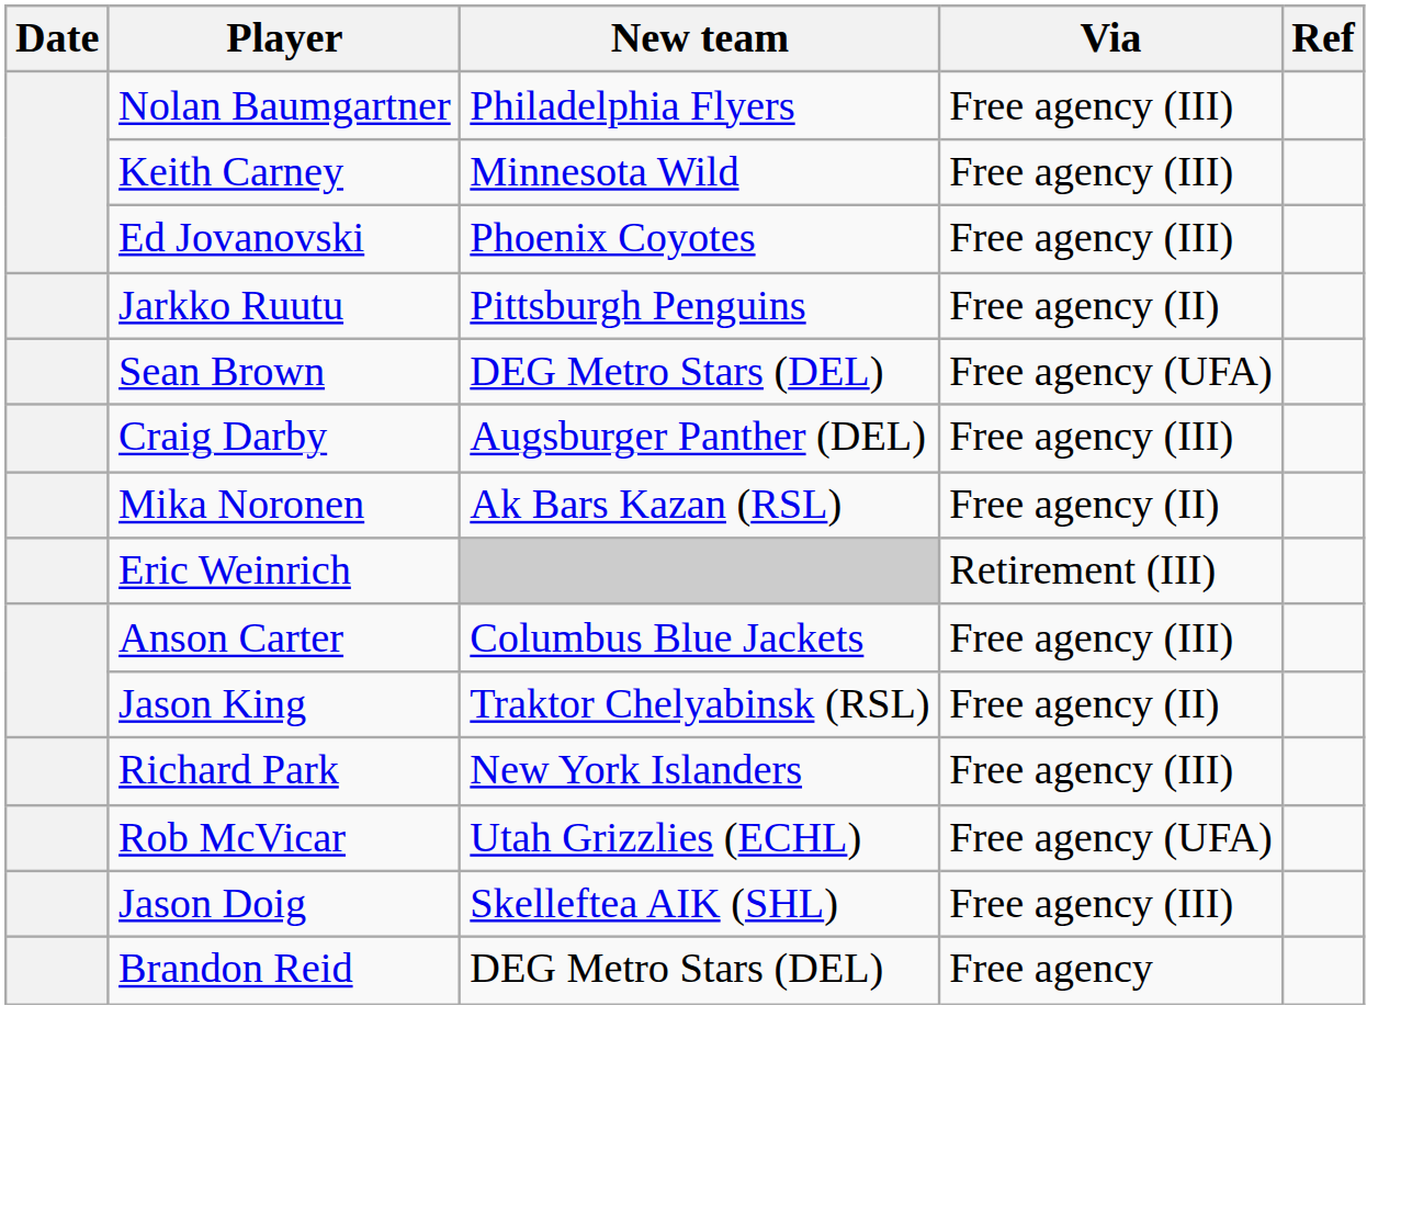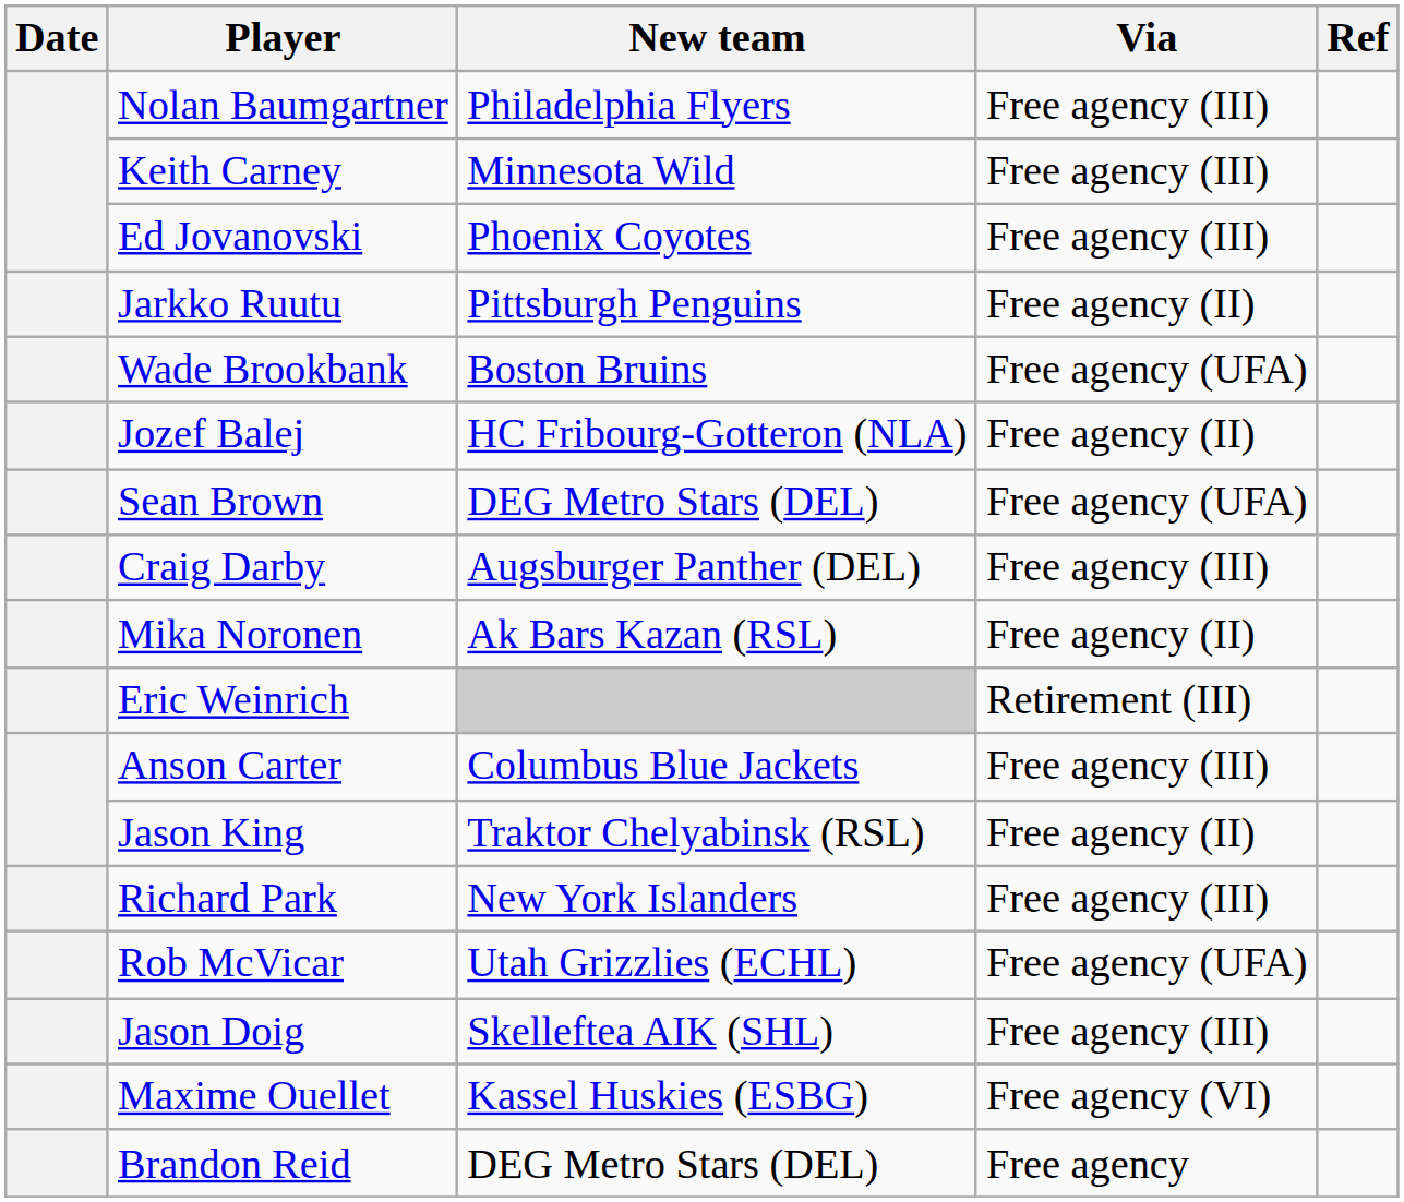 <table class="wikitable plainrowheaders">
 <tr style="background:#ddd; text-align:center;">
 <th>Date</th>
 <th>Player</th>
 <th>New team</th>
 <th>Via</th>
 <th>Ref</th>
 </tr>
 <tr>
 <th scope="row" rowspan=3></th>
 <td><a href='#'>Nolan Baumgartner</a></td>
 <td><a href='#'>Philadelphia Flyers</a></td>
 <td>Free agency (III)</td>
 <td></td>
 </tr>
 <tr>
 <td><a href='#'>Keith Carney</a></td>
 <td><a href='#'>Minnesota Wild</a></td>
 <td>Free agency (III)</td>
 <td></td>
 </tr>
 <tr>
 <td><a href='#'>Ed Jovanovski</a></td>
 <td><a href='#'>Phoenix Coyotes</a></td>
 <td>Free agency (III)</td>
 <td></td>
 </tr>
 <tr>
 <th scope="row"></th>
 <td><a href='#'>Jarkko Ruutu</a></td>
 <td><a href='#'>Pittsburgh Penguins</a></td>
+<td>Free agency (II)</td>
+<td></td>
+</tr>
+<tr>
+<th scope="row"></th>
+<td><a href='#'>Wade Brookbank</a></td>
+<td><a href='#'>Boston Bruins</a></td>
+<td>Free agency (UFA)</td>
+<td></td>
+</tr>
+<tr>
+<th scope="row"></th>
+<td><a href='#'>Jozef Balej</a></td>
+<td><a href='#'>HC Fribourg-Gotteron</a> (<a href='#'>NLA</a>)</td>
 <td>Free agency (II)</td>
 <td></td>
 </tr>
 <tr>
 <th scope="row"></th>
 <td><a href='#'>Sean Brown</a></td>
 <td><a href='#'>DEG Metro Stars</a> (<a href='#'>DEL</a>)</td>
 <td>Free agency (UFA)</td>
 <td></td>
 </tr>
 <tr>
 <th scope="row"></th>
 <td><a href='#'>Craig Darby</a></td>
 <td><a href='#'>Augsburger Panther</a> (DEL)</td>
 <td>Free agency (III)</td>
 <td></td>
 </tr>
 <tr>
 <th scope="row"></th>
 <td><a href='#'>Mika Noronen</a></td>
 <td><a href='#'>Ak Bars Kazan</a> (<a href='#'>RSL</a>)</td>
 <td>Free agency (II)</td>
 <td></td>
 </tr>
 <tr>
 <th scope="row"></th>
 <td><a href='#'>Eric Weinrich</a></td>
 <td style="background:#ccc"></td>
 <td>Retirement (III)</td>
 <td></td>
 </tr>
 <tr>
 <th scope="row" rowspan=2></th>
 <td><a href='#'>Anson Carter</a></td>
 <td><a href='#'>Columbus Blue Jackets</a></td>
 <td>Free agency (III)</td>
 <td></td>
 </tr>
 <tr>
 <td><a href='#'>Jason King</a></td>
 <td><a href='#'>Traktor Chelyabinsk</a> (RSL)</td>
 <td>Free agency (II)</td>
 <td></td>
 </tr>
 <tr>
 <th scope="row"></th>
 <td><a href='#'>Richard Park</a></td>
 <td><a href='#'>New York Islanders</a></td>
 <td>Free agency (III)</td>
 <td></td>
 </tr>
 <tr>
 <th scope="row"></th>
 <td><a href='#'>Rob McVicar</a></td>
 <td><a href='#'>Utah Grizzlies</a> (<a href='#'>ECHL</a>)</td>
 <td>Free agency (UFA)</td>
 <td></td>
 </tr>
 <tr>
 <th scope="row"></th>
 <td><a href='#'>Jason Doig</a></td>
 <td><a href='#'>Skelleftea AIK</a> (<a href='#'>SHL</a>)</td>
 <td>Free agency (III)</td>
 <td></td>
 </tr>
 <tr>
 <th scope="row"></th>
+<td><a href='#'>Maxime Ouellet</a></td>
+<td><a href='#'>Kassel Huskies</a> (<a href='#'>ESBG</a>)</td>
+<td>Free agency (VI)</td>
+<td></td>
+</tr>
+<tr>
+<th scope="row"></th>
 <td><a href='#'>Brandon Reid</a></td>
 <td>DEG Metro Stars (DEL)</td>
 <td>Free agency</td>
 <td></td>
 </tr>
 </table>
